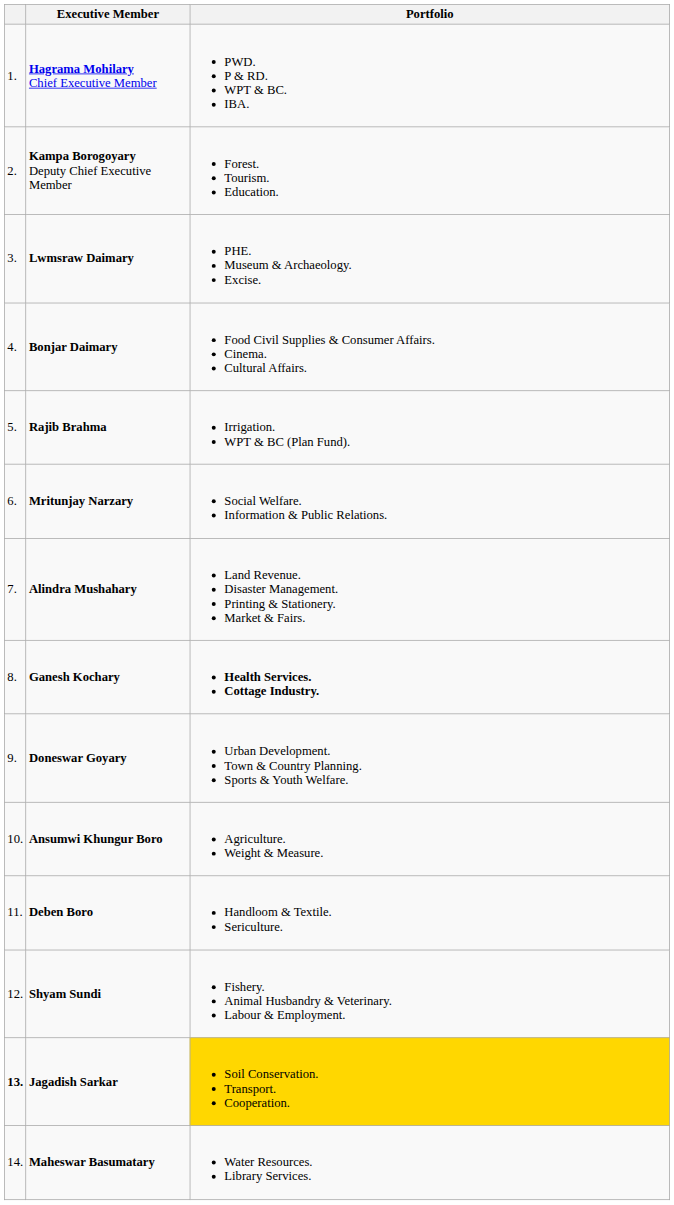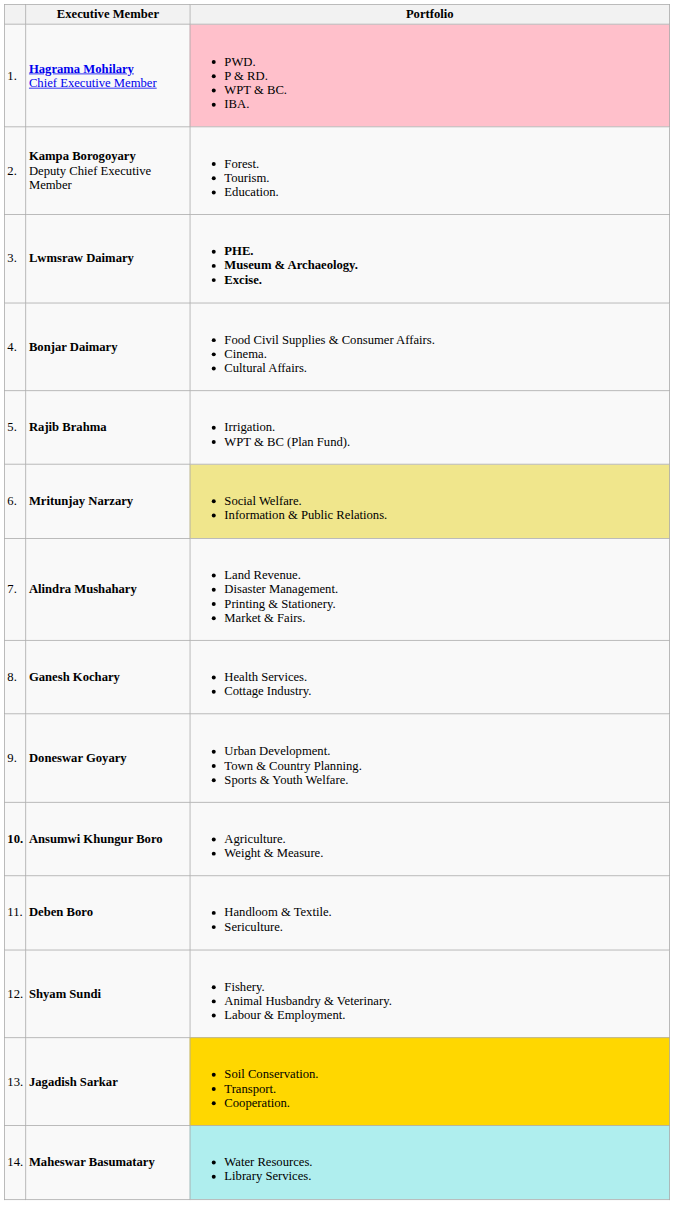 <table class="wikitable sortable">
 <tr>
 <th scope="col" style="width: 10px;"></th>
 <th scope="col" style="width: 200px;">Executive Member</th>
 <th scope="col" style="width: 600px;">Portfolio</th>
 </tr>
 <tr>
 <td>1.</td>
 <td><strong><a href='#'>Hagrama Mohilary</a></strong><br><a href='#'>Chief Executive Member</a><br></td>
-<td><br><ul><li>PWD.</li><li>P & RD.</li><li>WPT & BC.</li><li>IBA.</li></ul></td>
+<td style="background: pink;"><br><ul><li>PWD.</li><li>P & RD.</li><li>WPT & BC.</li><li>IBA.</li></ul></td>
 </tr>
 <tr>
 <td>2.</td>
 <td><strong>Kampa Borogoyary</strong><br> Deputy Chief Executive Member<br></td>
 <td><br><ul><li>Forest.</li><li>Tourism.</li><li>Education.</li></ul></td>
 </tr>
 <tr>
 <td>3.</td>
 <td><strong>Lwmsraw Daimary</strong></td>
-<td><br><ul><li>PHE.</li><li>Museum & Archaeology.</li><li>Excise.</li></ul></td>
+<td><strong><br><ul><li>PHE.</li><li>Museum & Archaeology.</li><li>Excise.</li></ul></strong></td>
 </tr>
 <tr>
 <td>4.</td>
 <td><strong>Bonjar Daimary</strong></td>
 <td><br><ul><li>Food Civil Supplies & Consumer Affairs.</li><li>Cinema.</li><li>Cultural Affairs.</li></ul></td>
 </tr>
 <tr>
 <td>5.</td>
 <td><strong>Rajib Brahma</strong></td>
 <td><br><ul><li>Irrigation.</li><li>WPT & BC (Plan Fund).</li></ul></td>
 </tr>
 <tr>
 <td>6.</td>
 <td><strong>Mritunjay Narzary</strong></td>
-<td><br><ul><li>Social Welfare.</li><li>Information & Public Relations.</li></ul></td>
+<td style="background: khaki;"><br><ul><li>Social Welfare.</li><li>Information & Public Relations.</li></ul></td>
 </tr>
 <tr>
 <td>7.</td>
 <td><strong>Alindra Mushahary</strong></td>
 <td><br><ul><li>Land Revenue.</li><li>Disaster Management.</li><li>Printing & Stationery.</li><li>Market & Fairs.</li></ul></td>
 </tr>
 <tr>
 <td>8.</td>
 <td><strong>Ganesh Kochary</strong></td>
-<td><strong><br><ul><li>Health Services.</li><li>Cottage Industry.</li></ul></strong></td>
+<td><br><ul><li>Health Services.</li><li>Cottage Industry.</li></ul></td>
 </tr>
 <tr>
 <td>9.</td>
 <td><strong>Doneswar Goyary</strong></td>
 <td><br><ul><li>Urban Development.</li><li>Town & Country Planning.</li><li>Sports & Youth Welfare.</li></ul></td>
 </tr>
 <tr>
-<td>10.</td>
+<td><strong>10.</strong></td>
 <td><strong>Ansumwi Khungur Boro</strong></td>
 <td><br><ul><li>Agriculture.</li><li>Weight & Measure.</li></ul></td>
 </tr>
 <tr>
 <td>11.</td>
 <td><strong>Deben Boro</strong></td>
 <td><br><ul><li>Handloom & Textile.</li><li>Sericulture.</li></ul></td>
 </tr>
 <tr>
 <td>12.</td>
 <td><strong>Shyam Sundi</strong></td>
 <td><br><ul><li>Fishery.</li><li>Animal Husbandry & Veterinary.</li><li>Labour & Employment.</li></ul></td>
 </tr>
 <tr>
-<td><strong>13.</strong></td>
+<td>13.</td>
 <td><strong>Jagadish Sarkar</strong></td>
 <td style="background: gold;"><br><ul><li>Soil Conservation.</li><li>Transport.</li><li>Cooperation.</li></ul></td>
 </tr>
 <tr>
 <td>14.</td>
 <td><strong>Maheswar Basumatary</strong></td>
-<td><br><ul><li>Water Resources.</li><li>Library Services.</li></ul></td>
+<td style="background: paleturquoise;"><br><ul><li>Water Resources.</li><li>Library Services.</li></ul></td>
 </tr>
 </table>
